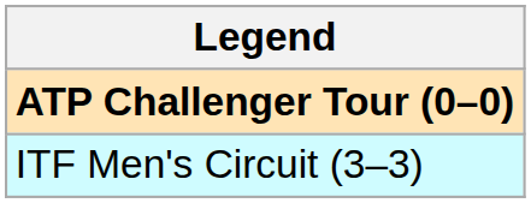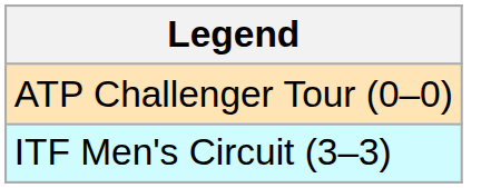 <table class=wikitable>
 <tr>
 <th>Legend</th>
 </tr>
 <tr bgcolor=moccasin>
-<td><strong>ATP Challenger Tour (0–0)</strong></td>
+<td>ATP Challenger Tour (0–0)</td>
 </tr>
 <tr bgcolor=cffcff>
 <td>ITF Men's Circuit (3–3)</td>
 </tr>
 </table>
